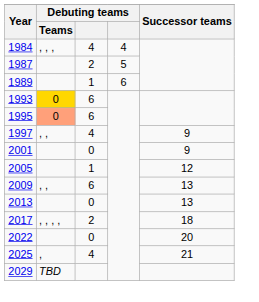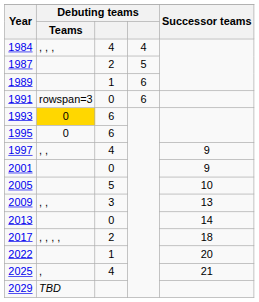 <table class="wikitable" style="text-align:center">
 <tr>
 </tr>
 <tr>
 <th width=40 rowspan=2>Year</th>
 <th colspan=3>Debuting teams</th>
 <th rowspan=2>Successor teams</th>
 </tr>
 <tr>
 <th>Teams</th>
 <th width=40></th>
 <th width=40></th>
 </tr>
 <tr>
 <td><a href='#'>1984</a></td>
 <td align=left>, , , </td>
 <td>4</td>
 <td>4</td>
 <td rowspan=3></td>
 </tr>
 <tr>
 <td><a href='#'>1987</a></td>
 <td align=left></td>
 <td>2</td>
 <td>5</td>
 </tr>
 <tr>
 <td><a href='#'>1989</a></td>
 <td align=left></td>
 <td>1</td>
 <td>6</td>
 </tr>
 <tr>
+<td><a href='#'>1991</a></td>
+<td>rowspan=3 </td>
+<td>0</td>
+<td>6</td>
+<td align=left></td>
+</tr>
+<tr>
 <td><a href='#'>1993</a></td>
 <td style="background: gold;">0</td>
 <td>6</td>
 <td rowspan=99></td>
 </tr>
 <tr>
 <td><a href='#'>1995</a></td>
-<td style="background: lightsalmon;">0</td>
+<td>0</td>
 <td>6</td>
 </tr>
 <tr>
 <td><a href='#'>1997</a></td>
 <td align=left>, , </td>
 <td>4</td>
 <td>9</td>
 </tr>
 <tr>
 <td><a href='#'>2001</a></td>
 <td></td>
 <td>0</td>
 <td>9</td>
 </tr>
 <tr>
 <td><a href='#'>2005</a></td>
 <td align=left></td>
-<td>1</td>
-<td>12</td>
+<td>5</td>
+<td>10</td>
 </tr>
 <tr>
 <td><a href='#'>2009</a></td>
 <td align=left>, , </td>
-<td>6</td>
+<td>3</td>
 <td>13</td>
 </tr>
 <tr>
 <td><a href='#'>2013</a></td>
 <td></td>
 <td>0</td>
-<td>13</td>
+<td>14</td>
 </tr>
 <tr>
 <td><a href='#'>2017</a></td>
 <td align=left>, , , , </td>
 <td>2</td>
 <td>18</td>
 </tr>
 <tr>
 <td><a href='#'>2022</a></td>
 <td align=left></td>
-<td>0</td>
+<td>1</td>
 <td>20</td>
 </tr>
 <tr>
 <td><a href='#'>2025</a></td>
 <td align=left>, </td>
 <td>4</td>
 <td>21</td>
 </tr>
 <tr>
 <td><a href='#'>2029</a></td>
 <td align=left><em>TBD</em></td>
 <td></td>
 <td></td>
 </tr>
 </table>
